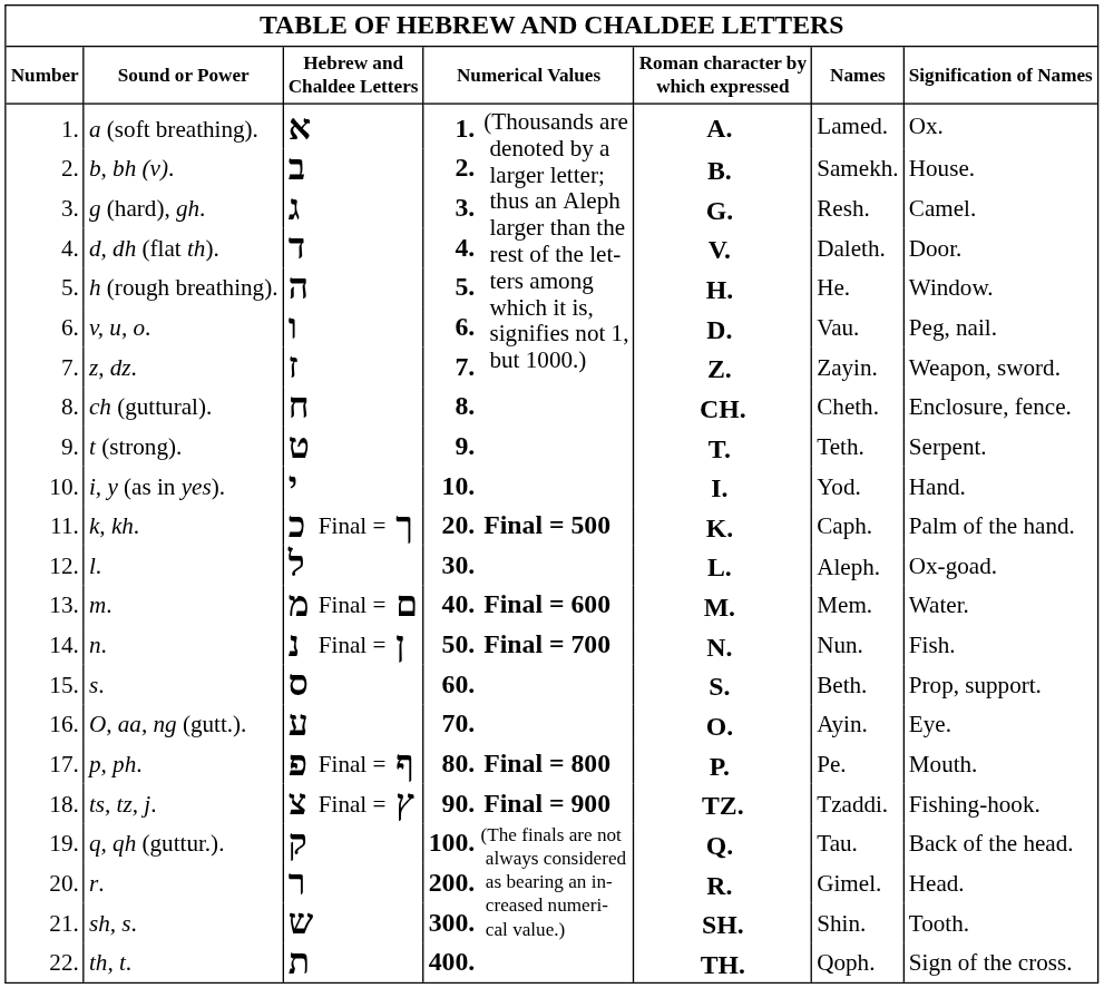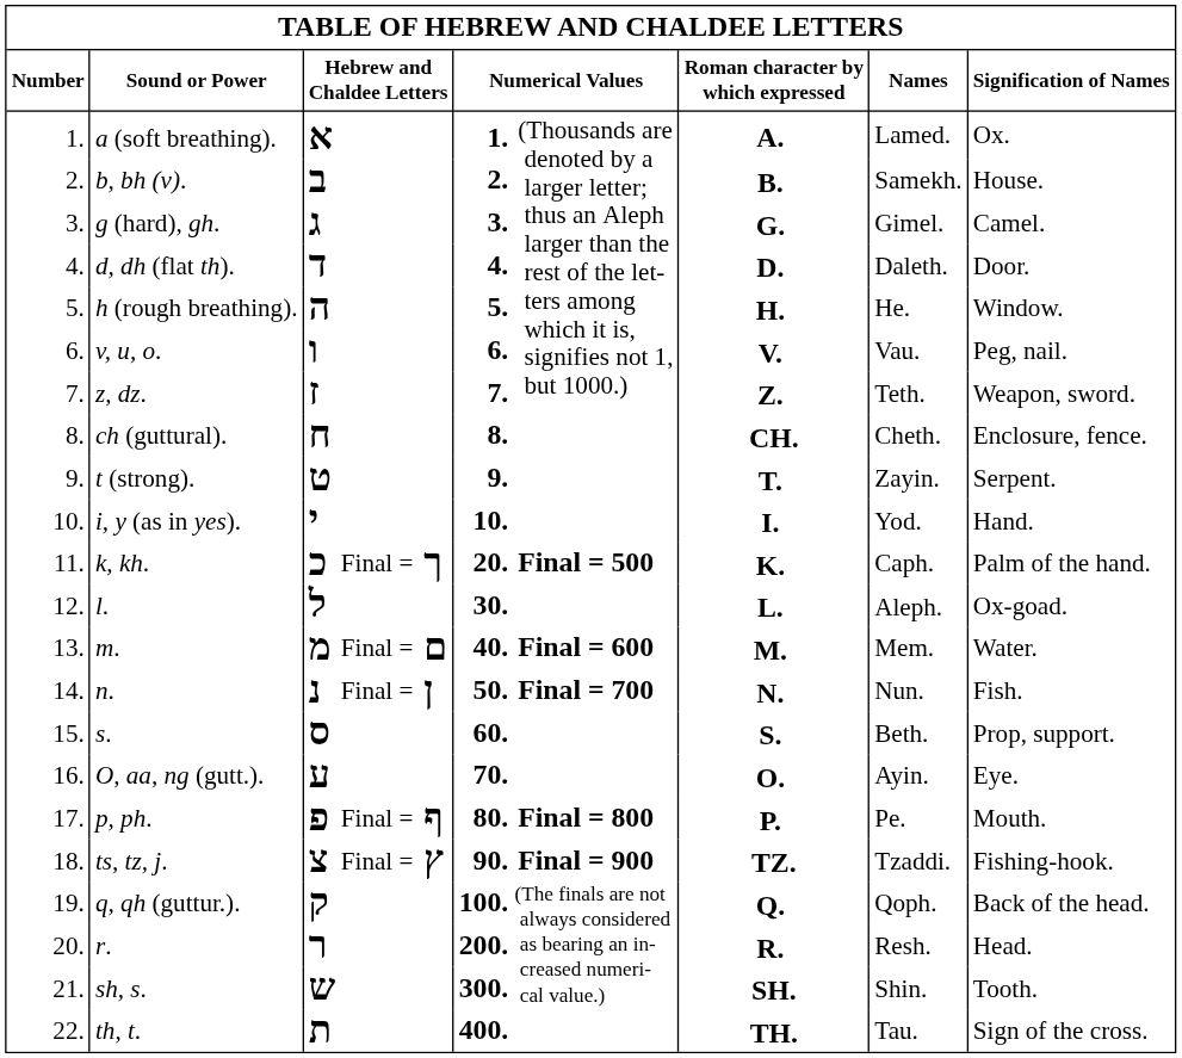 <table style="font-family:'times new roman',serif;border:1px solid black;font-size:medium;margin: 1em auto;" cellspacing=0 cellpadding=0 border=0>
 <tr>
 <th style="border-bottom:1px solid black;padding:3px;font-size:large;" colspan=10>TABLE OF HEBREW AND CHALDEE LETTERS</th>
 </tr>
 <tr>
 <th style="border-right:1px solid black;border-bottom:1px solid black;padding:3px;font-size:small;">Number</th>
 <th style="border-right:1px solid black;border-bottom:1px solid black;padding:3px;font-size:small;">Sound or Power</th>
 <th style="border-right:1px solid black;border-bottom:1px solid black;padding:3px;font-size:small;" colspan=3>Hebrew and<br>Chaldee Letters</th>
 <th style="border-right:1px solid black;border-bottom:1px solid black;padding:3px;font-size:small;" colspan=2>Numerical Values</th>
 <th style="border-right:1px solid black;border-bottom:1px solid black;padding:3px;font-size:small;">Roman character by<br>which expressed</th>
 <th style="border-right:1px solid black;border-bottom:1px solid black;padding:3px;font-size:small;">Names</th>
 <th style="border-bottom:1px solid black;padding:3px;font-size:small;">Signification of Names</th>
 </tr>
 <tr>
 <td style="text-align:right;border-right:1px solid black;padding:3px 3px 0 3px;">1.</td>
 <td style="text-align:left;border-right:1px solid black;padding:3px 3px 0 3px;"><em>a</em> (soft breathing).</td>
 <td style="text-align:left;font-size:x-large;font-weight:bold;border-right:1px solid black;padding:3px 3px 0 3px;" colspan=3>א</td>
 <td style="text-align:right;font-size:large;font-weight:bold;padding:3px 3px 0 3px;">1.</td>
 <td style="padding:3px 3px 0 3px;text-align:left;border-right:1px solid black;vertical-align:top;font-size:medium" rowspan=10>(Thousands are<br> denoted by a<br> larger letter;<br> thus an Aleph<br> larger than the<br> rest of the let-<br> ters among<br> which it is,<br> signifies not 1,<br> but 1000.)</td>
 <td style="text-align:center;font-size:large;font-weight:bold;border-right:1px solid black;padding:3px 3px 0 3px;">A. </td>
 <td style="border-right:1px solid black;padding:0 3px 0 3px;">Lamed.</td>
 <td style="padding:0 3px 0 3px;">Ox.</td>
 </tr>
 <tr>
 <td style="text-align:right;border-right:1px solid black;padding:0 3px 0 3px;">2.</td>
 <td style="text-align:left;border-right:1px solid black;padding:0 3px 0 3px;"><em>b, bh (v)</em>.</td>
 <td style="text-align:left;font-size:x-large;font-weight:bold;border-right:1px solid black;padding:0 3px 0 3px;" colspan=3>ב</td>
 <td style="text-align:right;font-size:large;font-weight:bold;padding:0 3px 0 3px;">2.</td>
 <td style="text-align:center;font-size:large;font-weight:bold;border-right:1px solid black;padding:3px 3px 0 3px;">B. </td>
 <td style="border-right:1px solid black;padding:0 3px 0 3px;">Samekh.</td>
 <td style="padding:0 3px 0 3px;">House.</td>
 </tr>
 <tr>
 <td style="text-align:right;border-right:1px solid black;padding:0 3px 0 3px;">3.</td>
 <td style="text-align:left;border-right:1px solid black;padding:0 3px 0 3px;"><em>g</em> (hard), <em>gh</em>.</td>
 <td style="text-align:left;font-size:x-large;font-weight:bold;border-right:1px solid black;padding:0 3px 0 3px;" colspan=3>ג</td>
 <td style="text-align:right;font-size:large;font-weight:bold;padding:0 3px 0 3px;">3.</td>
 <td style="text-align:center;font-size:large;font-weight:bold;border-right:1px solid black;padding:3px 3px 0 3px;">G. </td>
-<td style="border-right:1px solid black;padding:0 3px 0 3px;">Resh.</td>
+<td style="border-right:1px solid black;padding:0 3px 0 3px;">Gimel.</td>
 <td style="padding:0 3px 0 3px;">Camel.</td>
 </tr>
 <tr>
 <td style="text-align:right;border-right:1px solid black;padding:0 3px 0 3px;">4.</td>
 <td style="text-align:left;border-right:1px solid black;padding:0 3px 0 3px;"><em>d, dh</em> (flat <em>th</em>).</td>
 <td style="text-align:left;font-size:x-large;font-weight:bold;border-right:1px solid black;padding:0 3px 0 3px;" colspan=3>ד</td>
 <td style="text-align:right;font-size:large;font-weight:bold;padding:0 3px 0 3px;">4.</td>
-<td style="text-align:center;font-size:large;font-weight:bold;border-right:1px solid black;padding:3px 3px 0 3px;">V. </td>
+<td style="text-align:center;font-size:large;font-weight:bold;border-right:1px solid black;padding:3px 3px 0 3px;">D. </td>
 <td style="border-right:1px solid black;padding:0 3px 0 3px;">Daleth.</td>
 <td style="padding:0 3px 0 3px;">Door.</td>
 </tr>
 <tr>
 <td style="text-align:right;border-right:1px solid black;padding:0 3px 0 3px;">5.</td>
 <td style="text-align:left;border-right:1px solid black;padding:0 3px 0 3px;"><em>h</em> (rough breathing).</td>
 <td style="text-align:left;font-size:x-large;font-weight:bold;border-right:1px solid black;padding:0 3px 0 3px;" colspan=3>ה</td>
 <td style="text-align:right;font-size:large;font-weight:bold;padding:0 3px 0 3px;">5.</td>
 <td style="text-align:center;font-size:large;font-weight:bold;border-right:1px solid black;padding:3px 3px 0 3px;">H. </td>
 <td style="border-right:1px solid black;padding:0 3px 0 3px;">He.</td>
 <td style="padding:0 3px 0 3px;">Window.</td>
 </tr>
 <tr>
 <td style="text-align:right;border-right:1px solid black;padding:0 3px 0 3px;">6.</td>
 <td style="text-align:left;border-right:1px solid black;padding:0 3px 0 3px;"><em>v, u, o</em>.</td>
 <td style="text-align:left;font-size:x-large;font-weight:bold;border-right:1px solid black;padding:0 3px 0 3px;" colspan=3>ו</td>
 <td style="text-align:right;font-size:large;font-weight:bold;padding:0 3px 0 3px;">6.</td>
-<td style="text-align:center;font-size:large;font-weight:bold;border-right:1px solid black;padding:3px 3px 0 3px;">D. </td>
+<td style="text-align:center;font-size:large;font-weight:bold;border-right:1px solid black;padding:3px 3px 0 3px;">V. </td>
 <td style="border-right:1px solid black;padding:0 3px 0 3px;">Vau.</td>
 <td style="padding:0 3px 0 3px;">Peg, nail.</td>
 </tr>
 <tr>
 <td style="text-align:right;border-right:1px solid black;padding:0 3px 0 3px;">7.</td>
 <td style="text-align:left;border-right:1px solid black;padding:0 3px 0 3px;"><em>z, dz</em>.</td>
 <td style="text-align:left;font-size:x-large;font-weight:bold;border-right:1px solid black;padding:0 3px 0 3px;" colspan=3>ז</td>
 <td style="text-align:right;font-size:large;font-weight:bold;padding:0 3px 0 3px;">7.</td>
 <td style="text-align:center;font-size:large;font-weight:bold;border-right:1px solid black;padding:3px 3px 0 3px;">Z. </td>
-<td style="border-right:1px solid black;padding:0 3px 0 3px;">Zayin.</td>
+<td style="border-right:1px solid black;padding:0 3px 0 3px;">Teth.</td>
 <td style="padding:0 3px 0 3px;">Weapon, sword.</td>
 </tr>
 <tr>
 <td style="text-align:right;border-right:1px solid black;padding:0 3px 0 3px;">8.</td>
 <td style="text-align:left;border-right:1px solid black;padding:0 3px 0 3px;"><em>ch</em> (guttural).</td>
 <td style="text-align:left;font-size:x-large;font-weight:bold;border-right:1px solid black;padding:0 3px 0 3px;" colspan=3>ח</td>
 <td style="text-align:right;font-size:large;font-weight:bold;padding:0 3px 0 3px;">8.</td>
 <td style="text-align:center;font-size:large;font-weight:bold;border-right:1px solid black;padding:3px 3px 0 3px;">C<span>H</span>.</td>
 <td style="border-right:1px solid black;padding:0 3px 0 3px;">Cheth.</td>
 <td style="padding:0 3px 0 3px;">Enclosure, fence.</td>
 </tr>
 <tr>
 <td style="text-align:right;border-right:1px solid black;padding:0 3px 0 3px;">9.</td>
 <td style="text-align:left;border-right:1px solid black;padding:0 3px 0 3px;"><em>t</em> (strong).</td>
 <td style="text-align:left;font-size:x-large;font-weight:bold;border-right:1px solid black;padding:0 3px 0 3px;" colspan=3>ט</td>
 <td style="text-align:right;font-size:large;font-weight:bold;padding:0 3px 0 3px;">9.</td>
 <td style="text-align:center;font-size:large;font-weight:bold;border-right:1px solid black;padding:3px 3px 0 3px;">T. </td>
-<td style="border-right:1px solid black;padding:0 3px 0 3px;">Teth.</td>
+<td style="border-right:1px solid black;padding:0 3px 0 3px;">Zayin.</td>
 <td style="padding:0 3px 0 3px;">Serpent.</td>
 </tr>
 <tr>
 <td style="text-align:right;border-right:1px solid black;padding:0 3px 0 3px;">10.</td>
 <td style="text-align:left;border-right:1px solid black;padding:0 3px 0 3px;"><em>i, y</em> (as in <em>yes</em>).</td>
 <td style="text-align:left;font-size:x-large;font-weight:bold;border-right:1px solid black;padding:0 3px 0 3px;" colspan=3>י</td>
 <td style="text-align:right;font-size:large;font-weight:bold;padding:0 3px 0 3px;">10.</td>
 <td style="text-align:center;font-size:large;font-weight:bold;border-right:1px solid black;padding:3px 3px 0 3px;">I. </td>
 <td style="border-right:1px solid black;padding:0 3px 0 3px;">Yod.</td>
 <td style="padding:0 3px 0 3px;">Hand.</td>
 </tr>
 <tr>
 <td style="text-align:right;border-right:1px solid black;padding:0 3px 0 3px;">11.</td>
 <td style="text-align:left;border-right:1px solid black;padding:0 3px 0 3px;"><em>k, kh</em>.</td>
 <td style="text-align:left;font-size:x-large;font-weight:bold;padding:0 3px 0 3px;">כ</td>
 <td style="font-weight:normal;font-size:medium;padding:0 3px 0 3px;">Final =</td>
 <td style="text-align:left;font-size:x-large;font-weight:bold;padding:0 3px 0 3px;border-right:1px solid black;">ך</td>
 <td style="text-align:right;font-size:large;font-weight:bold;padding:0 3px 0 3px;">20.</td>
 <td style="border-right:1px solid black;text-align:left;font-size:large;font-weight:bold;padding:0 3px 0 3px;"><span>Final = </span>500</td>
 <td style="text-align:center;font-size:large;font-weight:bold;border-right:1px solid black;padding:3px 3px 0 3px;">K. </td>
 <td style="border-right:1px solid black;padding:0 3px 0 3px;">Caph.</td>
 <td style="padding:0 3px 0 3px;">Palm of the hand.</td>
 </tr>
 <tr>
 <td style="text-align:right;border-right:1px solid black;padding:0 3px 0 3px;">12.</td>
 <td style="text-align:left;border-right:1px solid black;padding:0 3px 0 3px;"><em>l</em>.</td>
 <td style="text-align:left;font-size:x-large;font-weight:bold;border-right:1px solid black;padding:0 3px 0 3px;" colspan=3>ל</td>
 <td style="text-align:right;font-size:large;font-weight:bold;padding:0 3px 0 3px;">30.</td>
 <td style="border-right:1px solid black;padding:0 3px 0 3px;"> </td>
 <td style="text-align:center;font-size:large;font-weight:bold;border-right:1px solid black;padding:3px 3px 0 3px;">L. </td>
 <td style="border-right:1px solid black;padding:3px 3px 0 3px;">Aleph.</td>
 <td style="padding:0 3px 0 3px;">Ox-goad.</td>
 </tr>
 <tr>
 <td style="text-align:right;border-right:1px solid black;padding:0 3px 0 3px;">13.</td>
 <td style="text-align:left;border-right:1px solid black;padding:0 3px 0 3px;"><em>m</em>.</td>
 <td style="text-align:left;font-size:x-large;font-weight:bold;padding:0 3px 0 3px;">מ</td>
 <td style="font-weight:normal;font-size:medium;padding:0 3px 0 3px;">Final =</td>
 <td style="text-align:left;font-size:x-large;font-weight:bold;border-right:1px solid black;padding:0 3px 0 3px;">ם</td>
 <td style="text-align:right;font-size:large;font-weight:bold;padding:0 3px 0 3px;">40.</td>
 <td style="border-right:1px solid black;text-align:left;font-size:large;font-weight:bold;padding:0 3px 0 3px;"><span>Final = </span>600</td>
 <td style="text-align:center;font-size:large;font-weight:bold;border-right:1px solid black;padding:3px 3px 0 3px;">M. </td>
 <td style="border-right:1px solid black;padding:0 3px 0 3px;">Mem.</td>
 <td style="padding:0 3px 0 3px;">Water.</td>
 </tr>
 <tr>
 <td style="text-align:right;border-right:1px solid black;padding:0 3px 0 3px;">14.</td>
 <td style="text-align:left;border-right:1px solid black;padding:0 3px 0 3px;"><em>n</em>.</td>
 <td style="text-align:left;font-size:x-large;font-weight:bold;padding:0 3px 0 3px;">נ</td>
 <td style="font-weight:normal;font-size:medium;padding:0 3px 0 3px;">Final =</td>
 <td style="text-align:left;font-size:x-large;font-weight:bold;border-right:1px solid black;padding:0 3px 0 3px;">ן</td>
 <td style="text-align:right;font-size:large;font-weight:bold;padding:0 3px 0 3px;">50.</td>
 <td style="border-right:1px solid black;text-align:left;font-size:large;font-weight:bold;padding:0 3px 0 3px;"><span>Final = </span>700</td>
 <td style="text-align:center;font-size:large;font-weight:bold;border-right:1px solid black;padding:3px 3px 0 3px;">N. </td>
 <td style="border-right:1px solid black;padding:0 3px 0 3px;">Nun.</td>
 <td style="padding:0 3px 0 3px;">Fish.</td>
 </tr>
 <tr>
 <td style="text-align:right;border-right:1px solid black;padding:0 3px 0 3px;">15.</td>
 <td style="text-align:left;border-right:1px solid black;padding:0 3px 0 3px;"><em>s</em>.</td>
 <td style="text-align:left;font-size:x-large;font-weight:bold;border-right:1px solid black;padding:0 3px 0 3px;" colspan=3>ס</td>
 <td style="text-align:right;font-size:large;font-weight:bold;padding:0 3px 0 3px;">60.</td>
 <td style="border-right:1px solid black;padding:0 3px 0 3px;"> </td>
 <td style="text-align:center;font-size:large;font-weight:bold;border-right:1px solid black;padding:3px 3px 0 3px;">S. </td>
 <td style="border-right:1px solid black;padding:0 3px 0 3px;">Beth.</td>
 <td style="padding:0 3px 0 3px;">Prop, support.</td>
 </tr>
 <tr>
 <td style="text-align:right;border-right:1px solid black;padding:0 3px 0 3px;">16.</td>
 <td style="text-align:left;border-right:1px solid black;padding:0 3px 0 3px;"><em>O, aa, ng</em> (gutt.).</td>
 <td style="text-align:left;font-size:x-large;font-weight:bold;border-right:1px solid black;padding:0 3px 0 3px;" colspan=3>ע</td>
 <td style="text-align:right;font-size:large;font-weight:bold;padding:0 3px 0 3px;">70.</td>
 <td style="border-right:1px solid black;padding:0 3px 0 3px;"> </td>
 <td style="text-align:center;font-size:large;font-weight:bold;border-right:1px solid black;padding:3px 3px 0 3px;">O. </td>
 <td style="border-right:1px solid black;padding:0 3px 0 3px;">Ayin.</td>
 <td style="padding:0 3px 0 3px;">Eye.</td>
 </tr>
 <tr>
 <td style="text-align:right;border-right:1px solid black;padding:0 3px 0 3px;">17.</td>
 <td style="text-align:left;border-right:1px solid black;padding:0 3px 0 3px;"><em>p, ph</em>.</td>
 <td style="text-align:left;font-size:x-large;font-weight:bold;padding:0 3px 0 3px;">פ</td>
 <td style="font-weight:normal;font-size:medium;padding:0 3px 0 3px;">Final =</td>
 <td style="text-align:left;font-size:x-large;font-weight:bold;border-right:1px solid black;padding:0 3px 0 3px;">ף</td>
 <td style="text-align:right;font-size:large;font-weight:bold;padding:0 3px 0 3px;">80.</td>
 <td style="border-right:1px solid black;text-align:left;font-size:large;font-weight:bold;padding:0 3px 0 3px;"><span>Final = </span>800</td>
 <td style="text-align:center;font-size:large;font-weight:bold;border-right:1px solid black;padding:3px 3px 0 3px;">P. </td>
 <td style="border-right:1px solid black;padding:0 3px 0 3px;">Pe.</td>
 <td style="padding:0 3px 0 3px;">Mouth.</td>
 </tr>
 <tr>
 <td style="text-align:right;border-right:1px solid black;padding:0 3px 0 3px;">18.</td>
 <td style="text-align:left;border-right:1px solid black;padding:0 3px 0 3px;"><em>ts, tz, j</em>.</td>
 <td style="text-align:left;font-size:x-large;font-weight:bold;padding:0 3px 0 3px;">צ</td>
 <td style="font-weight:normal;font-size:medium;padding:0 3px 0 3px;">Final =</td>
 <td style="text-align:left;font-size:x-large;font-weight:bold;border-right:1px solid black;padding:0 3px 0 3px;">ץ</td>
 <td style="text-align:right;font-size:large;font-weight:bold;padding:0 3px 0 3px;">90.</td>
 <td style="border-right:1px solid black;text-align:left;font-size:large;font-weight:bold;padding:0 3px 0 3px;"><span>Final = </span>900</td>
 <td style="text-align:center;font-size:large;font-weight:bold;border-right:1px solid black;padding:3px 3px 0 3px;">T<span>Z.</span></td>
 <td style="border-right:1px solid black;padding:0 3px 0 3px;">Tzaddi.</td>
 <td style="padding:0 3px 0 3px;">Fishing-hook.</td>
 </tr>
 <tr>
 <td style="text-align:right;border-right:1px solid black;padding:0 3px 0 3px;">19.</td>
 <td style="text-align:left;border-right:1px solid black;padding:0 3px 0 3px;"><em>q, qh</em> (guttur.).</td>
 <td style="text-align:left;font-size:x-large;font-weight:bold;border-right:1px solid black;padding:0 3px 0 3px;" colspan=3>ק</td>
 <td style="text-align:right;font-size:large;font-weight:bold;padding:0 3px 0 3px;">100.</td>
 <td style="padding:0 3px 0 1px;text-align:left;border-right:1px solid black;vertical-align:top;font-size:small;" rowspan=4>(The finals are not<br> always considered<br> as bearing an in-<br> creased numeri-<br> cal value.)</td>
 <td style="text-align:center;font-size:large;font-weight:bold;border-right:1px solid black;padding:3px 3px 0 3px;">Q. </td>
-<td style="border-right:1px solid black;padding:0 3px 0 3px;">Tau.</td>
+<td style="border-right:1px solid black;padding:0 3px 0 3px;">Qoph.</td>
 <td style="padding:0 3px 0 3px;">Back of the head.</td>
 </tr>
 <tr>
 <td style="text-align:right;border-right:1px solid black;padding:0 3px 0 3px;">20.</td>
 <td style="text-align:left;border-right:1px solid black;padding:0 3px 0 3px;"><em>r</em>.</td>
 <td style="text-align:left;font-size:x-large;font-weight:bold;border-right:1px solid black;padding:0 3px 0 3px;" colspan=3>ר</td>
 <td style="text-align:right;font-size:large;font-weight:bold;padding:0 3px 0 3px;">200.</td>
 <td style="text-align:center;font-size:large;font-weight:bold;border-right:1px solid black;padding:3px 3px 0 3px;">R. </td>
-<td style="border-right:1px solid black;padding:0 3px 0 3px;">Gimel.</td>
+<td style="border-right:1px solid black;padding:0 3px 0 3px;">Resh.</td>
 <td style="padding:0 3px 0 3px;">Head.</td>
 </tr>
 <tr>
 <td style="text-align:right;border-right:1px solid black;padding:0 3px 0 3px;">21.</td>
 <td style="text-align:left;border-right:1px solid black;padding:0 3px 0 3px;"><em>sh, s</em>.</td>
 <td style="text-align:left;font-size:x-large;font-weight:bold;border-right:1px solid black;padding:0 3px 0 3px;" colspan=3>ש</td>
 <td style="text-align:right;font-size:large;font-weight:bold;padding:0 3px 0 3px;">300.</td>
 <td style="text-align:center;font-size:large;font-weight:bold;border-right:1px solid black;padding:3px 3px 0 3px;">S<span>H</span>.</td>
 <td style="border-right:1px solid black;padding:0 3px 0 3px;">Shin.</td>
 <td style="padding:0 3px 0 3px;">Tooth.</td>
 </tr>
 <tr>
 <td style="text-align:right;border-right:1px solid black;padding:0 3px 0 3px;">22.</td>
 <td style="text-align:left;border-right:1px solid black;padding:0 3px 0 3px;"><em>th, t</em>.</td>
 <td style="text-align:left;font-size:x-large;font-weight:bold;border-right:1px solid black;padding:0 3px 0 3px;" colspan=3>ת</td>
 <td style="text-align:right;font-size:large;font-weight:bold;padding:0 3px 0 3px;">400.</td>
 <td style="text-align:center;font-size:large;font-weight:bold;border-right:1px solid black;padding:3px 3px 0 3px;">T<span>H</span>.</td>
-<td style="border-right:1px solid black;padding:0 3px 0 3px;">Qoph.</td>
+<td style="border-right:1px solid black;padding:0 3px 0 3px;">Tau.</td>
 <td style="padding:0 3px 0 3px;">Sign of the cross.</td>
 </tr>
 </table>
